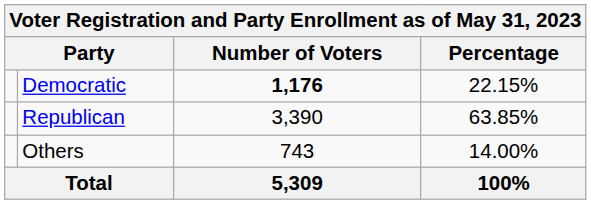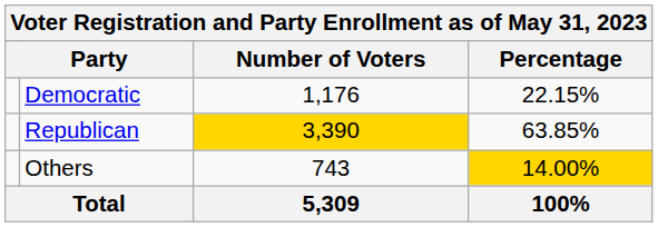 <table class=wikitable>
 <tr>
 <th colspan = 6>Voter Registration and Party Enrollment as of May 31, 2023</th>
 </tr>
 <tr>
 <th colspan = 2>Party</th>
 <th>Number of Voters</th>
 <th>Percentage</th>
 </tr>
 <tr>
 <td></td>
 <td><a href='#'>Democratic</a></td>
-<td align = center><strong>1,176</strong></td>
+<td align = center>1,176</td>
 <td align = center>22.15%</td>
 </tr>
 <tr>
 <td></td>
 <td><a href='#'>Republican</a></td>
-<td align = center>3,390</td>
+<td align = center style="background: gold;">3,390</td>
 <td align = center>63.85%</td>
 </tr>
 <tr>
 <td></td>
 <td>Others</td>
 <td align = center>743</td>
-<td align = center>14.00%</td>
+<td align = center style="background: gold;">14.00%</td>
 </tr>
 <tr>
 <th colspan = 2>Total</th>
 <th align = center>5,309</th>
 <th align = center>100%</th>
 </tr>
 </table>
